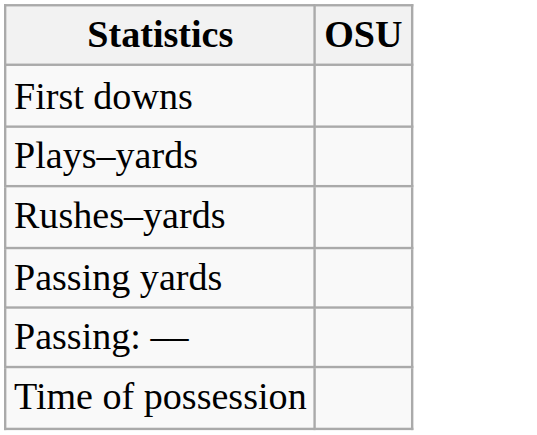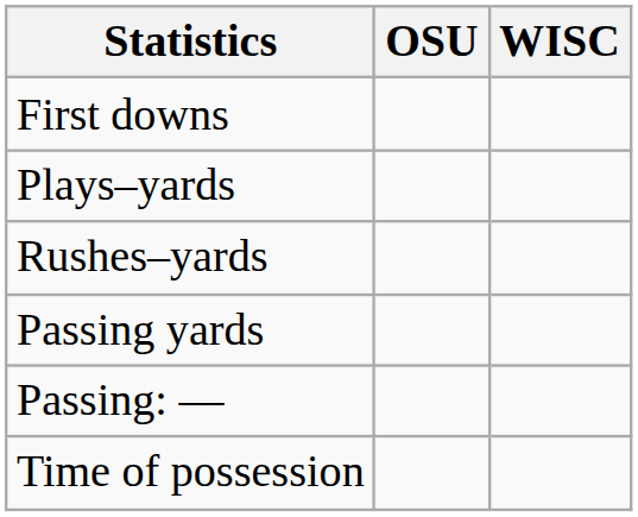 <table class="wikitable" style="float:left">
 <tr>
 <th>Statistics</th>
 <th>OSU</th>
+<th>WISC</th>
 </tr>
 <tr>
 <td>First downs</td>
+<td></td>
 <td></td>
 </tr>
 <tr>
 <td>Plays–yards</td>
 <td></td>
+<td></td>
 </tr>
 <tr>
 <td>Rushes–yards</td>
+<td></td>
 <td></td>
 </tr>
 <tr>
 <td>Passing yards</td>
 <td></td>
+<td></td>
 </tr>
 <tr>
 <td>Passing: ––</td>
+<td></td>
 <td></td>
 </tr>
 <tr>
 <td>Time of possession</td>
 <td></td>
+<td></td>
 </tr>
 </table>
